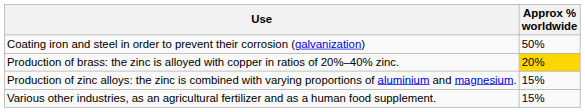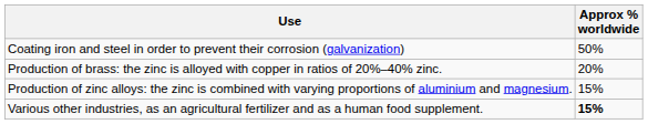 <table class=wikitable>
 <tr>
 <th>Use</th>
 <th>Approx %<br>worldwide</th>
 </tr>
 <tr>
 <td>Coating iron and steel in order to prevent their corrosion (<a href='#'>galvanization</a>)</td>
 <td>50%</td>
 </tr>
 <tr>
 <td>Production of brass: the zinc is alloyed with copper in ratios of 20%–40% zinc.</td>
-<td style="background: gold;">20%</td>
+<td>20%</td>
 </tr>
 <tr>
 <td>Production of zinc alloys: the zinc is combined with varying proportions of <a href='#'>aluminium</a> and <a href='#'>magnesium</a>.</td>
 <td>15%</td>
 </tr>
 <tr>
 <td>Various other industries, as an agricultural fertilizer and as a human food supplement.</td>
-<td>15%</td>
+<td><strong>15%</strong></td>
 </tr>
 </table>
